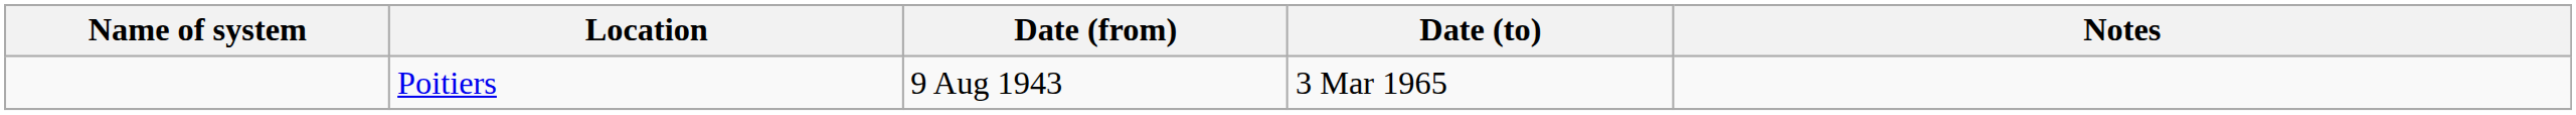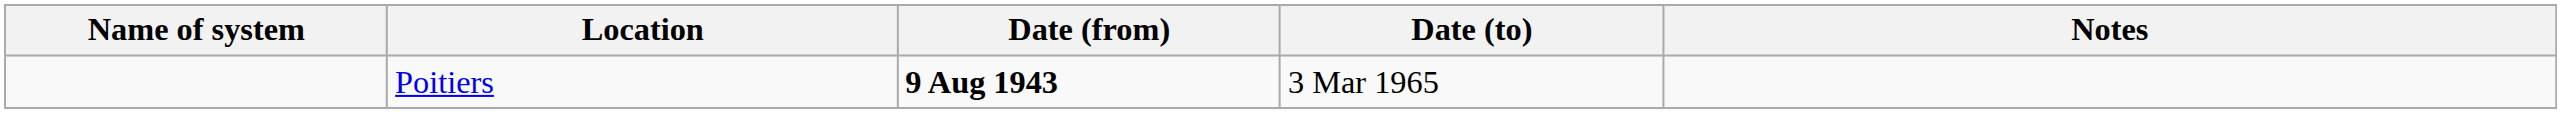 <table class="wikitable" width=100%>
 <tr>
 <th width=15%>Name of system</th>
 <th width=20%>Location</th>
 <th width=15%>Date (from)</th>
 <th width=15%>Date (to)</th>
 <th width=35%>Notes</th>
 </tr>
 <tr>
 <td> </td>
 <td><a href='#'>Poitiers</a></td>
-<td>9 Aug 1943</td>
+<td><strong>9 Aug 1943</strong></td>
 <td>3 Mar 1965</td>
 <td> </td>
 </tr>
 <tr>
 </tr>
 </table>
